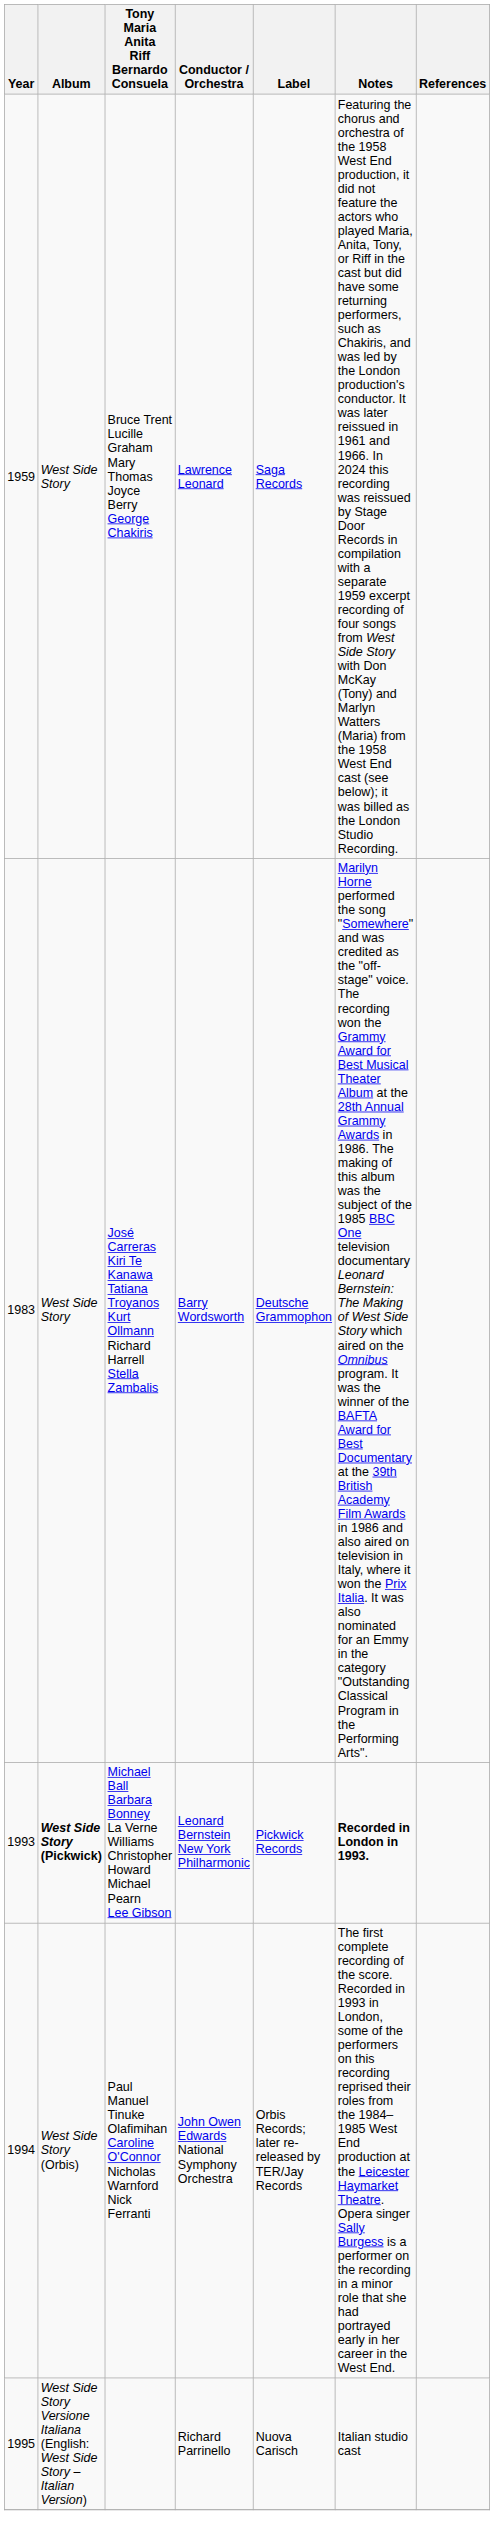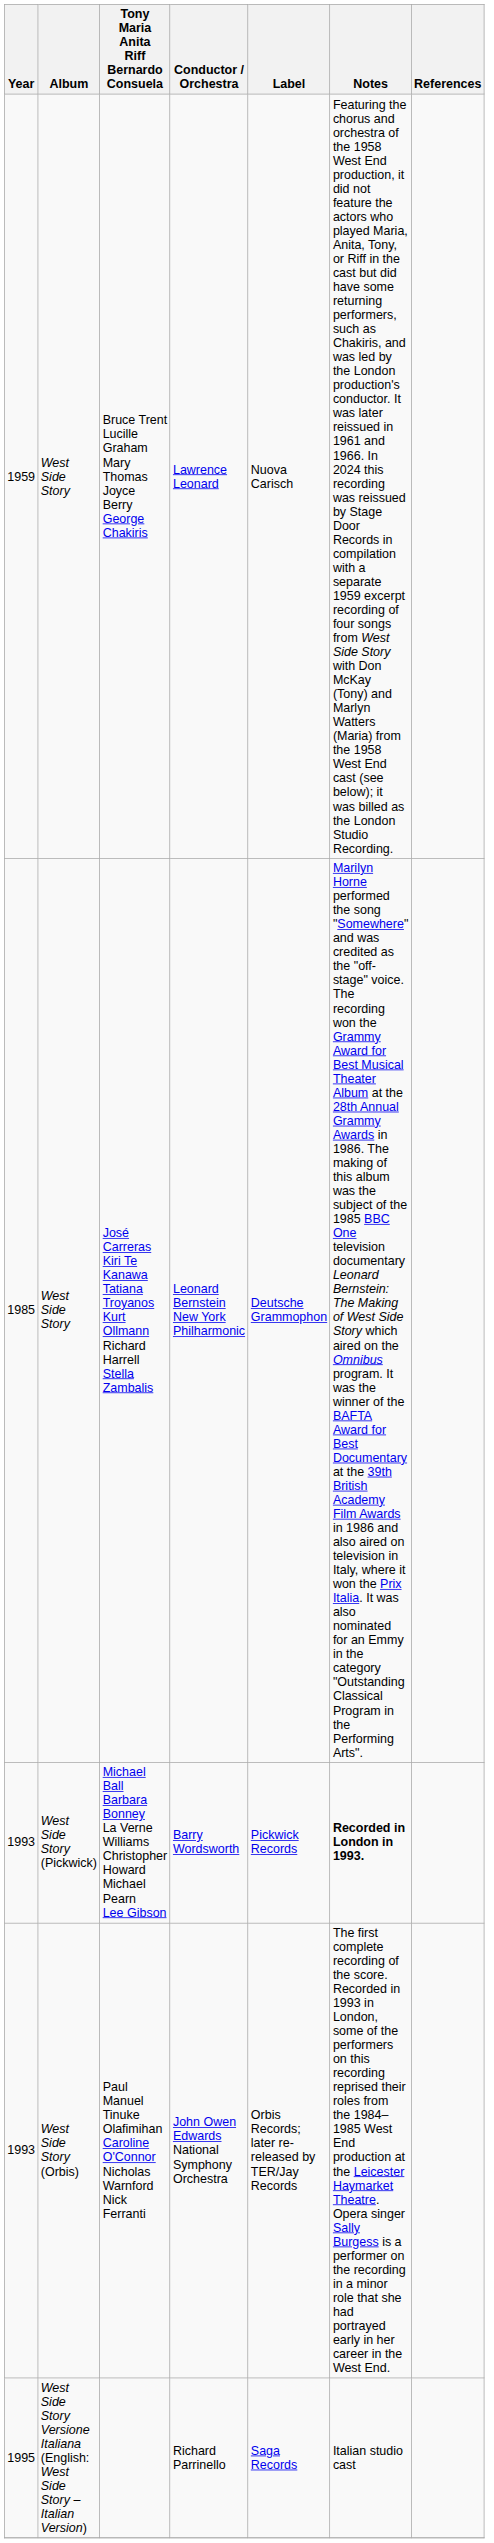 <table class="wikitable">
 <tr>
 <th valign=bottom>Year</th>
 <th valign=bottom>Album</th>
 <th>Tony<br>Maria<br>Anita<br>Riff<br> Bernardo <br> Consuela</th>
 <th valign=bottom>Conductor / Orchestra</th>
 <th valign=bottom>Label</th>
 <th valign=bottom>Notes</th>
 <th valign=bottom>References</th>
 </tr>
 <tr>
 <td>1959</td>
 <td><em>West Side Story</em></td>
 <td>Bruce Trent<br> Lucille Graham<br> Mary Thomas<br> Joyce Berry<br><a href='#'>George Chakiris</a></td>
 <td><a href='#'>Lawrence Leonard</a></td>
-<td><a href='#'>Saga Records</a></td>
+<td>Nuova Carisch</td>
 <td>Featuring the chorus and orchestra of the 1958 West End production, it did not feature the actors who played Maria, Anita, Tony, or Riff in the cast but did have some returning performers, such as Chakiris, and was led by the London production's conductor. It was later reissued in 1961 and 1966. In 2024 this recording was reissued by Stage Door Records in compilation with a separate 1959 excerpt recording of four songs from <em>West Side Story</em> with Don McKay (Tony) and Marlyn Watters (Maria) from the 1958 West End cast (see below); it was billed as the London Studio Recording.</td>
 <td></td>
 </tr>
 <tr>
-<td>1983</td>
+<td>1985</td>
 <td><em>West Side Story</em></td>
 <td><a href='#'>José Carreras</a><br> <a href='#'>Kiri Te Kanawa</a><br> <a href='#'>Tatiana Troyanos</a> <br> <a href='#'>Kurt Ollmann</a> <br> Richard Harrell <br>  <a href='#'>Stella Zambalis</a></td>
-<td><a href='#'>Barry Wordsworth</a></td>
+<td><a href='#'>Leonard Bernstein</a><br>  <a href='#'>New York Philharmonic</a></td>
 <td><a href='#'>Deutsche Grammophon</a></td>
 <td><a href='#'>Marilyn Horne</a> performed the song "<a href='#'>Somewhere</a>" and was credited as the "off-stage" voice. The recording won the <a href='#'>Grammy Award for Best Musical Theater Album</a> at the <a href='#'>28th Annual Grammy Awards</a> in 1986. The making of this album was the subject of the 1985 <a href='#'>BBC One</a> television documentary <em>Leonard Bernstein: The Making of West Side Story</em> which aired on the <em><a href='#'>Omnibus</a></em> program. It was the winner of the <a href='#'>BAFTA Award for Best Documentary</a> at the <a href='#'>39th British Academy Film Awards</a> in 1986 and also aired on television in Italy, where it won the <a href='#'>Prix Italia</a>. It was also nominated for an Emmy in the category "Outstanding Classical Program in the Performing Arts".</td>
 <td></td>
 </tr>
 <tr>
 <td>1993</td>
-<td><strong><em>West Side Story</em> (Pickwick)</strong></td>
+<td><em>West Side Story</em> (Pickwick)</td>
 <td><a href='#'>Michael Ball</a><br> <a href='#'>Barbara Bonney</a><br>La Verne Williams <br> Christopher Howard <br> Michael Pearn <br> <a href='#'>Lee Gibson</a></td>
-<td><a href='#'>Leonard Bernstein</a><br>  <a href='#'>New York Philharmonic</a></td>
+<td><a href='#'>Barry Wordsworth</a></td>
 <td><a href='#'>Pickwick Records</a></td>
 <td><strong>Recorded in London in 1993.</strong></td>
 <td></td>
 </tr>
 <tr>
-<td>1994</td>
+<td>1993</td>
 <td><em>West Side Story</em> (Orbis)</td>
 <td>Paul Manuel<br> Tinuke Olafimihan<br><a href='#'>Caroline O'Connor</a><br>Nicholas Warnford<br>Nick Ferranti</td>
 <td><a href='#'>John Owen Edwards</a><br>National Symphony Orchestra</td>
 <td>Orbis Records; later re-released by TER/Jay Records</td>
 <td>The first complete recording of the score. Recorded in 1993 in London, some of the performers on this recording reprised their roles from the 1984–1985 West End production at the <a href='#'>Leicester Haymarket Theatre</a>. Opera singer <a href='#'>Sally Burgess</a> is a performer on the recording in a minor role that she had portrayed early in her career in the West End.</td>
 <td></td>
 </tr>
 <tr>
 <td>1995</td>
 <td><em>West Side Story Versione Italiana</em><br> (English: <em>West Side Story – Italian Version</em>)</td>
 <td></td>
 <td>Richard Parrinello</td>
-<td>Nuova Carisch</td>
+<td><a href='#'>Saga Records</a></td>
 <td>Italian studio cast</td>
 <td></td>
 </tr>
 <tr>
 </tr>
 </table>
